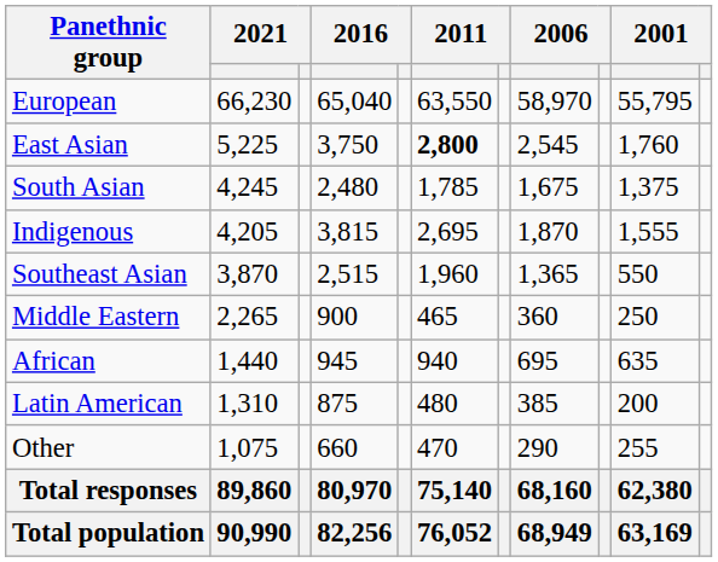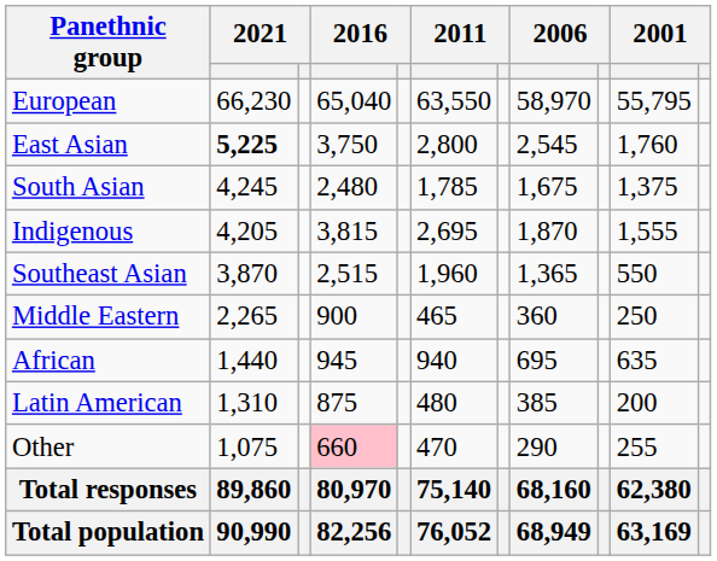 <table class="wikitable collapsible sortable">
 <tr>
 <th rowspan="2"><a href='#'>Panethnic</a><br>group</th>
 <th colspan="2">2021</th>
 <th colspan="2">2016</th>
 <th colspan="2">2011</th>
 <th colspan="2">2006</th>
 <th colspan="2">2001</th>
 </tr>
 <tr>
 <th><a href='#'></a></th>
 <th></th>
 <th></th>
 <th></th>
 <th></th>
 <th></th>
 <th></th>
 <th></th>
 <th></th>
 <th></th>
 </tr>
 <tr>
 <td><a href='#'>European</a></td>
 <td>66,230</td>
 <td></td>
 <td>65,040</td>
 <td></td>
 <td>63,550</td>
 <td></td>
 <td>58,970</td>
 <td></td>
 <td>55,795</td>
 <td></td>
 </tr>
 <tr>
 <td><a href='#'>East Asian</a></td>
-<td>5,225</td>
+<td><strong>5,225</strong></td>
 <td></td>
 <td>3,750</td>
 <td></td>
-<td><strong>2,800</strong></td>
+<td>2,800</td>
 <td></td>
 <td>2,545</td>
 <td></td>
 <td>1,760</td>
 <td></td>
 </tr>
 <tr>
 <td><a href='#'>South Asian</a></td>
 <td>4,245</td>
 <td></td>
 <td>2,480</td>
 <td></td>
 <td>1,785</td>
 <td></td>
 <td>1,675</td>
 <td></td>
 <td>1,375</td>
 <td></td>
 </tr>
 <tr>
 <td><a href='#'>Indigenous</a></td>
 <td>4,205</td>
 <td></td>
 <td>3,815</td>
 <td></td>
 <td>2,695</td>
 <td></td>
 <td>1,870</td>
 <td></td>
 <td>1,555</td>
 <td></td>
 </tr>
 <tr>
 <td><a href='#'>Southeast Asian</a></td>
 <td>3,870</td>
 <td></td>
 <td>2,515</td>
 <td></td>
 <td>1,960</td>
 <td></td>
 <td>1,365</td>
 <td></td>
 <td>550</td>
 <td></td>
 </tr>
 <tr>
 <td><a href='#'>Middle Eastern</a></td>
 <td>2,265</td>
 <td></td>
 <td>900</td>
 <td></td>
 <td>465</td>
 <td></td>
 <td>360</td>
 <td></td>
 <td>250</td>
 <td></td>
 </tr>
 <tr>
 <td><a href='#'>African</a></td>
 <td>1,440</td>
 <td></td>
 <td>945</td>
 <td></td>
 <td>940</td>
 <td></td>
 <td>695</td>
 <td></td>
 <td>635</td>
 <td></td>
 </tr>
 <tr>
 <td><a href='#'>Latin American</a></td>
 <td>1,310</td>
 <td></td>
 <td>875</td>
 <td></td>
 <td>480</td>
 <td></td>
 <td>385</td>
 <td></td>
 <td>200</td>
 <td></td>
 </tr>
 <tr>
 <td>Other</td>
 <td>1,075</td>
 <td></td>
-<td>660</td>
+<td style="background: pink;">660</td>
 <td></td>
 <td>470</td>
 <td></td>
 <td>290</td>
 <td></td>
 <td>255</td>
 <td></td>
 </tr>
 <tr>
 <th>Total responses</th>
 <th>89,860</th>
 <th></th>
 <th>80,970</th>
 <th></th>
 <th>75,140</th>
 <th></th>
 <th>68,160</th>
 <th></th>
 <th>62,380</th>
 <th></th>
 </tr>
 <tr>
 <th>Total population</th>
 <th>90,990</th>
 <th></th>
 <th>82,256</th>
 <th></th>
 <th>76,052</th>
 <th></th>
 <th>68,949</th>
 <th></th>
 <th>63,169</th>
 <th></th>
 </tr>
 </table>
